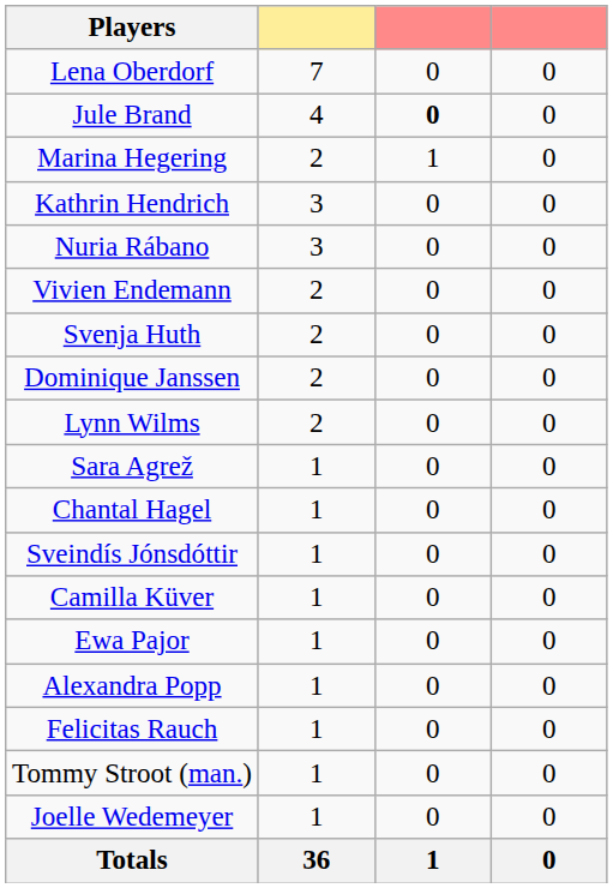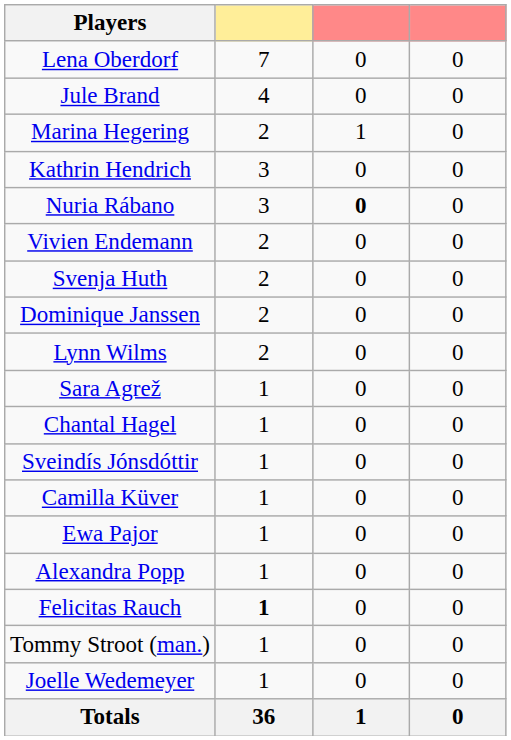 <table class="wikitable" style="text-align:center;">
 <tr style="text-align:center;">
 <th>Players</th>
 <th style="width:60px; background:#fe9;"></th>
 <th style="width:60px; background:#ff8888;"></th>
 <th style="width:60px; background:#ff8888;"></th>
 </tr>
 <tr>
 <td><a href='#'>Lena Oberdorf</a></td>
 <td>7</td>
 <td>0</td>
 <td>0</td>
 </tr>
 <tr>
 <td><a href='#'>Jule Brand</a></td>
 <td>4</td>
-<td><strong>0</strong></td>
+<td>0</td>
 <td>0</td>
 </tr>
 <tr>
 <td><a href='#'>Marina Hegering</a></td>
 <td>2</td>
 <td>1</td>
 <td>0</td>
 </tr>
 <tr>
 <td><a href='#'>Kathrin Hendrich</a></td>
 <td>3</td>
 <td>0</td>
 <td>0</td>
 </tr>
 <tr>
 <td><a href='#'>Nuria Rábano</a></td>
 <td>3</td>
-<td>0</td>
+<td><strong>0</strong></td>
 <td>0</td>
 </tr>
 <tr>
 <td><a href='#'>Vivien Endemann</a></td>
 <td>2</td>
 <td>0</td>
 <td>0</td>
 </tr>
 <tr>
 <td><a href='#'>Svenja Huth</a></td>
 <td>2</td>
 <td>0</td>
 <td>0</td>
 </tr>
 <tr>
 <td><a href='#'>Dominique Janssen</a></td>
 <td>2</td>
 <td>0</td>
 <td>0</td>
 </tr>
 <tr>
 <td><a href='#'>Lynn Wilms</a></td>
 <td>2</td>
 <td>0</td>
 <td>0</td>
 </tr>
 <tr>
 <td><a href='#'>Sara Agrež</a></td>
 <td>1</td>
 <td>0</td>
 <td>0</td>
 </tr>
 <tr>
 <td><a href='#'>Chantal Hagel</a></td>
 <td>1</td>
 <td>0</td>
 <td>0</td>
 </tr>
 <tr>
 <td><a href='#'>Sveindís Jónsdóttir</a></td>
 <td>1</td>
 <td>0</td>
 <td>0</td>
 </tr>
 <tr>
 <td><a href='#'>Camilla Küver</a></td>
 <td>1</td>
 <td>0</td>
 <td>0</td>
 </tr>
 <tr>
 <td><a href='#'>Ewa Pajor</a></td>
 <td>1</td>
 <td>0</td>
 <td>0</td>
 </tr>
 <tr>
 <td><a href='#'>Alexandra Popp</a></td>
 <td>1</td>
 <td>0</td>
 <td>0</td>
 </tr>
 <tr>
 <td><a href='#'>Felicitas Rauch</a></td>
-<td>1</td>
+<td><strong>1</strong></td>
 <td>0</td>
 <td>0</td>
 </tr>
 <tr>
 <td>Tommy Stroot (<a href='#'>man.</a>)</td>
 <td>1</td>
 <td>0</td>
 <td>0</td>
 </tr>
 <tr>
 <td><a href='#'>Joelle Wedemeyer</a></td>
 <td>1</td>
 <td>0</td>
 <td>0</td>
 </tr>
 <tr>
 <th>Totals</th>
 <th>36</th>
 <th>1</th>
 <th>0</th>
 </tr>
 </table>
